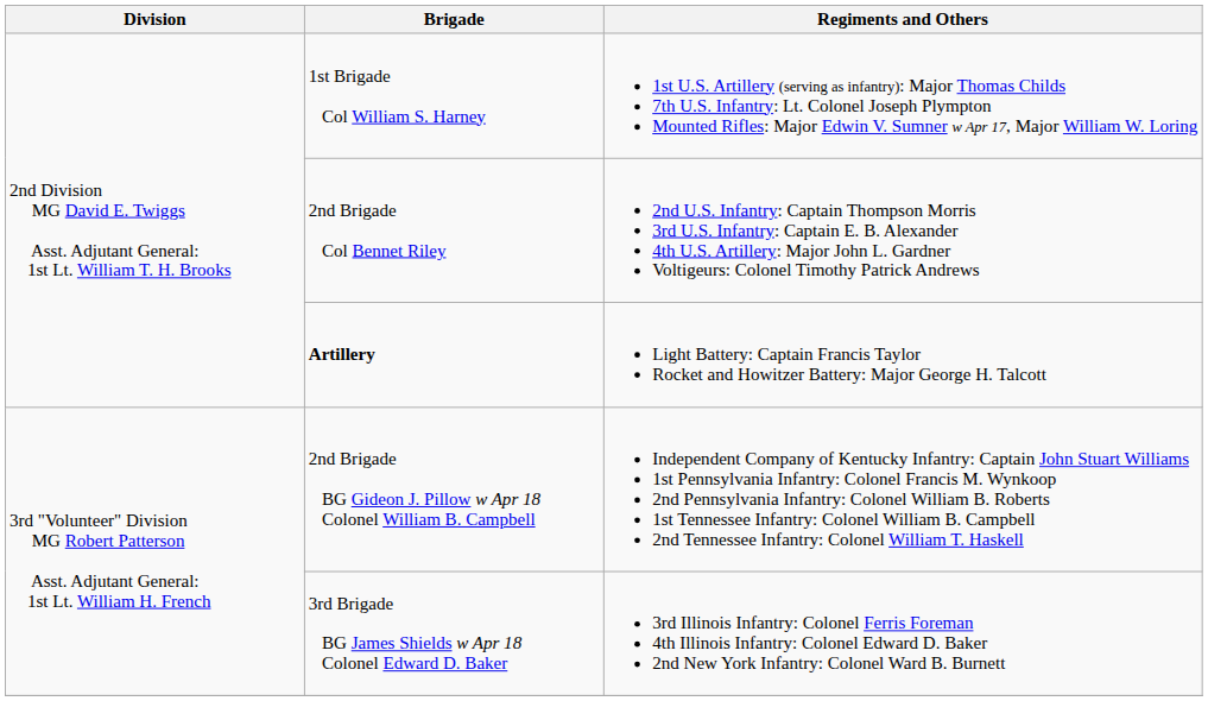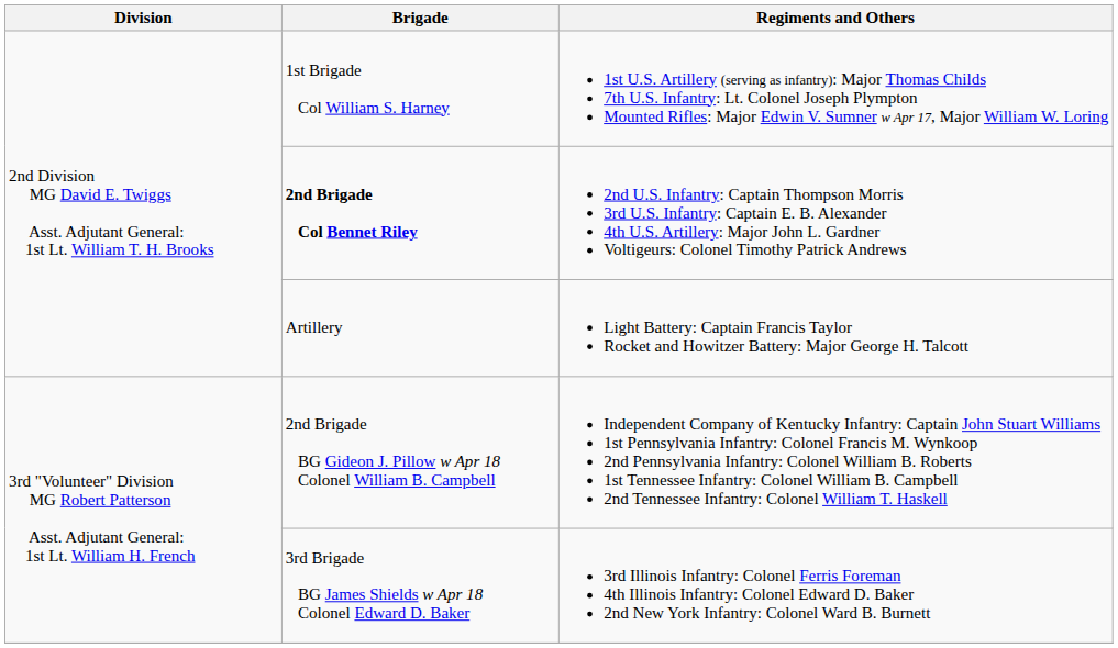 <table class="wikitable">
 <tr>
 <th width=25%>Division</th>
 <th width=25%>Brigade</th>
 <th>Regiments and Others</th>
 </tr>
 <tr>
 <td rowspan=3><br>2nd Division <br>     MG <a href='#'>David E. Twiggs</a><br> <br>     Asst. Adjutant General: <br>    1st Lt. <a href='#'>William T. H. Brooks</a></td>
 <td>1st Brigade<br><br>   Col <a href='#'>William S. Harney</a></td>
 <td><br><ul><li><a href='#'>1st U.S. Artillery</a> <small>(serving as infantry)</small>: Major <a href='#'>Thomas Childs</a></li><li><a href='#'>7th U.S. Infantry</a>: Lt. Colonel Joseph Plympton</li><li><a href='#'>Mounted Rifles</a>: Major <a href='#'>Edwin V. Sumner</a> <small><em>w Apr 17</em></small>, Major <a href='#'>William W. Loring</a></li></ul></td>
 </tr>
 <tr>
-<td>2nd Brigade<br><br>   Col <a href='#'>Bennet Riley</a></td>
+<td><strong>2nd Brigade<br><br>   Col <a href='#'>Bennet Riley</a></strong></td>
 <td><br><ul><li><a href='#'>2nd U.S. Infantry</a>: Captain Thompson Morris</li><li><a href='#'>3rd U.S. Infantry</a>: Captain E. B. Alexander</li><li><a href='#'>4th U.S. Artillery</a>: Major John L. Gardner</li><li>Voltigeurs: Colonel Timothy Patrick Andrews</li></ul></td>
 </tr>
 <tr>
-<td><strong>Artillery</strong></td>
+<td>Artillery</td>
 <td><br><ul><li>Light Battery: Captain Francis Taylor</li><li>Rocket and Howitzer Battery: Major George H. Talcott</li></ul></td>
 </tr>
 <tr>
 <td rowspan=2><br>3rd "Volunteer" Division <br>     MG <a href='#'>Robert Patterson</a><br> <br>     Asst. Adjutant General: <br>    1st Lt. <a href='#'>William H. French</a></td>
 <td>2nd Brigade<br><br>   BG <a href='#'>Gideon J. Pillow</a> <em>w Apr 18</em> <br>   Colonel <a href='#'>William B. Campbell</a></td>
 <td><br><ul><li>Independent Company of Kentucky Infantry: Captain <a href='#'>John Stuart Williams</a></li><li>1st Pennsylvania Infantry: Colonel Francis M. Wynkoop</li><li>2nd Pennsylvania Infantry: Colonel William B. Roberts</li><li>1st Tennessee Infantry: Colonel William B. Campbell</li><li>2nd Tennessee Infantry: Colonel <a href='#'>William T. Haskell</a></li></ul></td>
 </tr>
 <tr>
 <td>3rd Brigade<br><br>   BG <a href='#'>James Shields</a> <em>w Apr 18</em> <br>   Colonel <a href='#'>Edward D. Baker</a></td>
 <td><br><ul><li>3rd Illinois Infantry: Colonel <a href='#'>Ferris Foreman</a></li><li>4th Illinois Infantry: Colonel Edward D. Baker</li><li>2nd New York Infantry: Colonel Ward B. Burnett</li></ul></td>
 </tr>
 <tr>
 </tr>
 </table>
